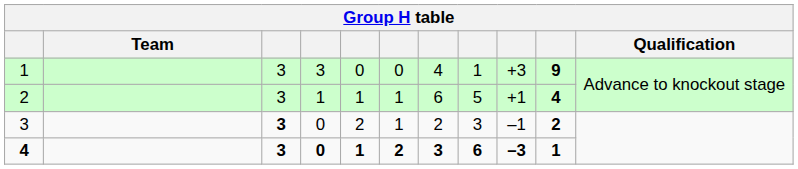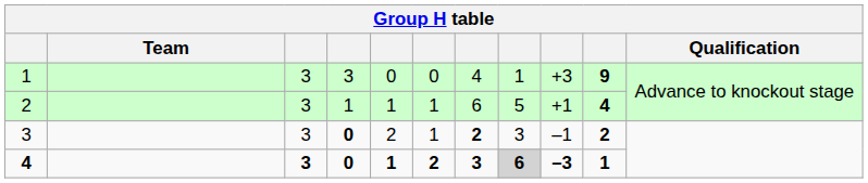 <table class="wikitable" style="text-align:center">
 <tr>
 <th colspan="11"><a href='#'>Group H</a> table</th>
 </tr>
 <tr>
 <th width=30></th>
 <th width=200>Team</th>
 <th width=30></th>
 <th width=30></th>
 <th width=30></th>
 <th width=30></th>
 <th width=30></th>
 <th width=30></th>
 <th width=30></th>
 <th width=30></th>
 <th width=200>Qualification</th>
 </tr>
 <tr bgcolor="#ccffcc">
 <td>1</td>
 <td align="left"></td>
 <td>3</td>
 <td>3</td>
 <td>0</td>
 <td>0</td>
 <td>4</td>
 <td>1</td>
 <td>+3</td>
 <td><strong>9</strong></td>
 <td rowspan="2">Advance to knockout stage</td>
 </tr>
 <tr bgcolor="#ccffcc">
 <td>2</td>
 <td align="left"></td>
 <td>3</td>
 <td>1</td>
 <td>1</td>
 <td>1</td>
 <td>6</td>
 <td>5</td>
 <td>+1</td>
 <td><strong>4</strong></td>
 </tr>
 <tr>
 <td>3</td>
 <td align="left"></td>
-<td><strong>3</strong></td>
-<td>0</td>
+<td>3</td>
+<td><strong>0</strong></td>
 <td>2</td>
 <td>1</td>
-<td>2</td>
+<td><strong>2</strong></td>
 <td>3</td>
 <td>–1</td>
 <td><strong>2</strong></td>
 <td rowspan="2"></td>
 </tr>
 <tr>
 <td><strong>4</strong></td>
 <td align="left"><strong></strong></td>
 <td><strong>3</strong></td>
 <td><strong>0</strong></td>
 <td><strong>1</strong></td>
 <td><strong>2</strong></td>
 <td><strong>3</strong></td>
-<td><strong>6</strong></td>
+<td style="background: lightgrey;"><strong>6</strong></td>
 <td><strong>–3</strong></td>
 <td><strong>1</strong></td>
 </tr>
 </table>
